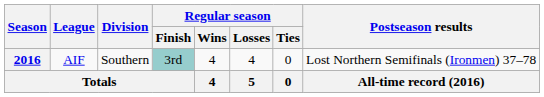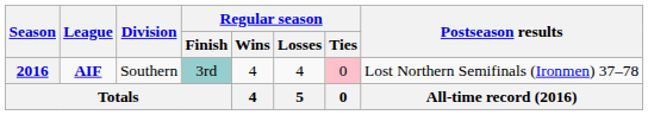 <table class="wikitable" style="text-align:center; font-size: 95%;">
 <tr>
 <th rowspan="2"><a href='#'>Season</a></th>
 <th rowspan="2"><a href='#'>League</a></th>
 <th rowspan="2"><a href='#'>Division</a></th>
 <th colspan="4"><a href='#'>Regular season</a></th>
 <th rowspan="2"><a href='#'>Postseason</a> results</th>
 </tr>
 <tr>
 <th>Finish</th>
 <th>Wins</th>
 <th>Losses</th>
 <th>Ties</th>
 </tr>
 <tr>
 <th><a href='#'>2016</a></th>
-<td><a href='#'>AIF</a></td>
+<td><strong><a href='#'>AIF</a></strong></td>
 <td>Southern</td>
 <td bgcolor=#96cdcd>3rd</td>
 <td>4</td>
 <td>4</td>
-<td>0</td>
+<td style="background: pink;">0</td>
 <td align=left>Lost Northern Semifinals (<a href='#'>Ironmen</a>) 37–78</td>
 </tr>
 <tr>
 <th colspan="4">Totals</th>
 <th>4</th>
 <th>5</th>
 <th>0</th>
 <th colspan="3">All-time record (2016)</th>
 </tr>
 </table>
